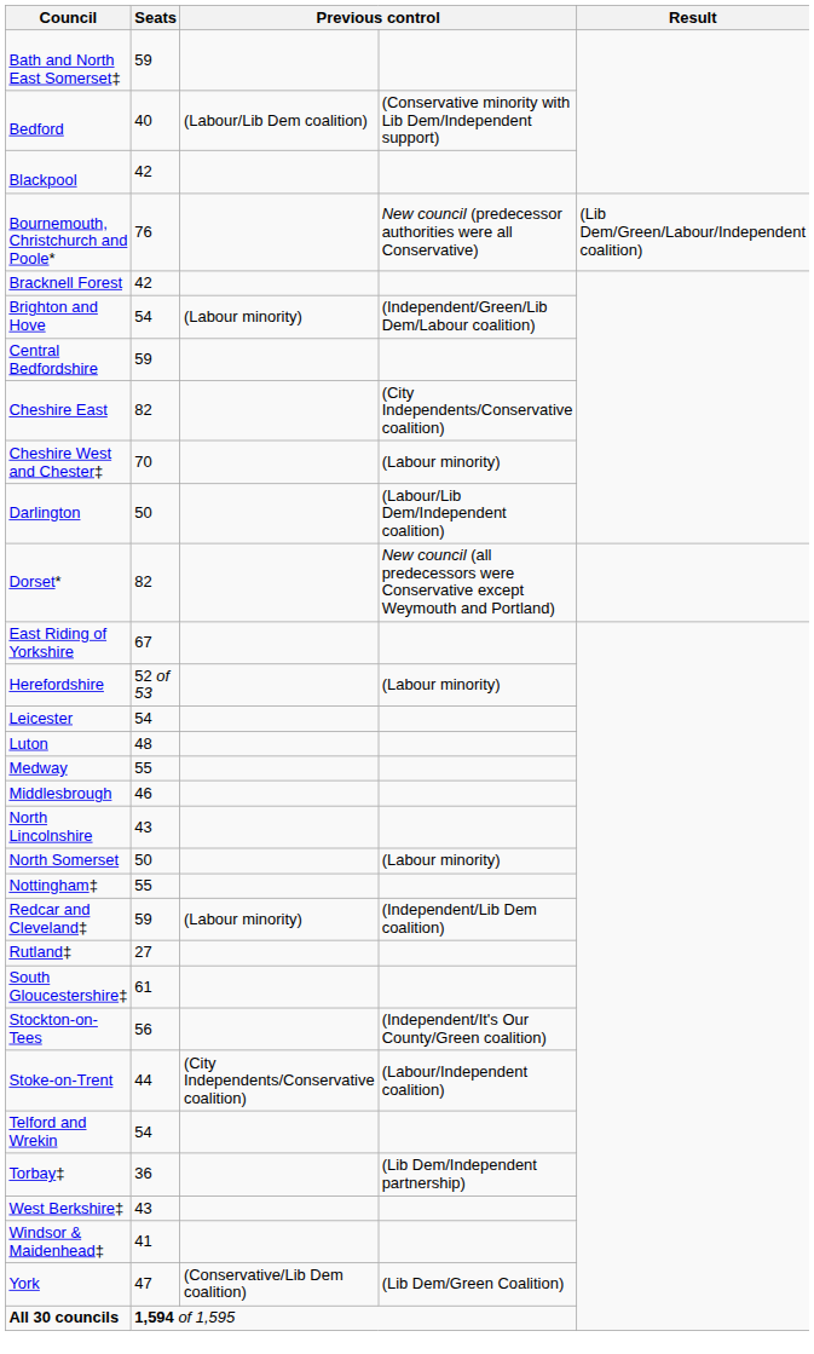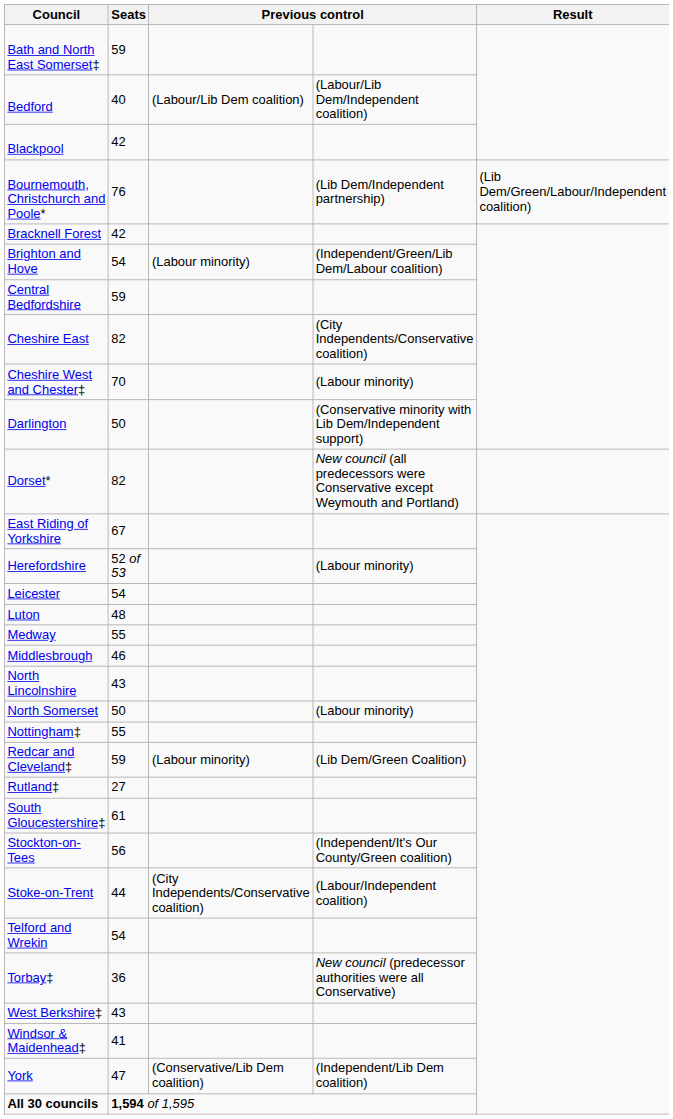 <table class="wikitable sortable" style="valign:top">
 <tr>
 <th>Council</th>
 <th>Seats</th>
 <th colspan=2>Previous control</th>
 <th colspan=2>Result</th>
 </tr>
 <tr>
 <td><br><a href='#'>Bath and North East Somerset</a>‡</td>
 <td>59</td>
 <td></td>
 <td></td>
 </tr>
 <tr>
 <td><br><a href='#'>Bedford</a></td>
 <td>40</td>
 <td> (Labour/Lib Dem coalition)</td>
-<td> (Conservative minority with Lib Dem/Independent support)</td>
+<td> (Labour/Lib Dem/Independent coalition)</td>
 </tr>
 <tr>
 <td><br><a href='#'>Blackpool</a></td>
 <td>42</td>
 <td></td>
 <td></td>
 </tr>
 <tr>
 <td><br><a href='#'>Bournemouth, Christchurch and Poole</a>*</td>
 <td>76</td>
 <td></td>
-<td><em>New council</em> (predecessor authorities were all Conservative)</td>
+<td> (Lib Dem/Independent partnership)</td>
 <td> (Lib Dem/Green/Labour/Independent coalition)</td>
 </tr>
 <tr>
 <td><a href='#'>Bracknell Forest</a></td>
 <td>42</td>
 <td></td>
 <td></td>
 </tr>
 <tr>
 <td><a href='#'>Brighton and Hove</a></td>
 <td>54</td>
 <td> (Labour minority)</td>
 <td> (Independent/Green/Lib Dem/Labour coalition)</td>
 </tr>
 <tr>
 <td><a href='#'>Central Bedfordshire</a></td>
 <td>59</td>
 <td></td>
 <td></td>
 </tr>
 <tr>
 <td><a href='#'>Cheshire East</a></td>
 <td>82</td>
 <td></td>
 <td> (City Independents/Conservative coalition)</td>
 </tr>
 <tr>
 <td><a href='#'>Cheshire West and Chester</a>‡</td>
 <td>70</td>
 <td></td>
 <td> (Labour minority)</td>
 </tr>
 <tr>
 <td><a href='#'>Darlington</a></td>
 <td>50</td>
 <td></td>
-<td> (Labour/Lib Dem/Independent coalition)</td>
+<td> (Conservative minority with Lib Dem/Independent support)</td>
 </tr>
 <tr>
 <td><a href='#'>Dorset</a>*</td>
 <td>82</td>
 <td></td>
 <td><em>New council</em> (all predecessors were Conservative except Weymouth and Portland)</td>
 <td></td>
 </tr>
 <tr>
 <td><a href='#'>East Riding of Yorkshire</a></td>
 <td>67</td>
 <td></td>
 <td></td>
 </tr>
 <tr>
 <td><a href='#'>Herefordshire</a></td>
 <td>52 <em>of 53</em></td>
 <td></td>
 <td> (Labour minority)</td>
 </tr>
 <tr>
 <td><a href='#'>Leicester</a></td>
 <td>54</td>
 <td></td>
 <td></td>
 </tr>
 <tr>
 <td><a href='#'>Luton</a></td>
 <td>48</td>
 <td></td>
 <td></td>
 </tr>
 <tr>
 <td><a href='#'>Medway</a></td>
 <td>55</td>
 <td></td>
 <td></td>
 </tr>
 <tr>
 <td><a href='#'>Middlesbrough</a></td>
 <td>46</td>
 <td></td>
 <td></td>
 </tr>
 <tr>
 <td><a href='#'>North Lincolnshire</a></td>
 <td>43</td>
 <td></td>
 <td></td>
 </tr>
 <tr>
 <td><a href='#'>North Somerset</a></td>
 <td>50</td>
 <td></td>
 <td> (Labour minority)</td>
 </tr>
 <tr>
 <td><a href='#'>Nottingham</a>‡</td>
 <td>55</td>
 <td></td>
 <td></td>
 </tr>
 <tr>
 <td><a href='#'>Redcar and Cleveland</a>‡</td>
 <td>59</td>
 <td> (Labour minority)</td>
-<td> (Independent/Lib Dem coalition)</td>
+<td> (Lib Dem/Green Coalition)</td>
 </tr>
 <tr>
 <td><a href='#'>Rutland</a>‡</td>
 <td>27</td>
 <td></td>
 <td></td>
 </tr>
 <tr>
 <td><a href='#'>South Gloucestershire</a>‡</td>
 <td>61</td>
 <td></td>
 <td></td>
 </tr>
 <tr>
 <td><a href='#'>Stockton-on-Tees</a></td>
 <td>56</td>
 <td></td>
 <td> (Independent/It's Our County/Green coalition)</td>
 </tr>
 <tr>
 <td><a href='#'>Stoke-on-Trent</a></td>
 <td>44</td>
 <td> (City Independents/Conservative coalition)</td>
 <td> (Labour/Independent coalition)</td>
 </tr>
 <tr>
 <td><a href='#'>Telford and Wrekin</a></td>
 <td>54</td>
 <td></td>
 <td></td>
 </tr>
 <tr>
 <td><a href='#'>Torbay</a>‡</td>
 <td>36</td>
 <td></td>
-<td> (Lib Dem/Independent partnership)</td>
+<td><em>New council</em> (predecessor authorities were all Conservative)</td>
 </tr>
 <tr>
 <td><a href='#'>West Berkshire</a>‡</td>
 <td>43</td>
 <td></td>
 <td></td>
 </tr>
 <tr>
 <td><a href='#'>Windsor & Maidenhead</a>‡</td>
 <td>41</td>
 <td></td>
 <td></td>
 </tr>
 <tr>
 <td><a href='#'>York</a></td>
 <td>47</td>
 <td> (Conservative/Lib Dem coalition)</td>
-<td> (Lib Dem/Green Coalition)</td>
+<td> (Independent/Lib Dem coalition)</td>
 </tr>
 <tr>
 <td><strong>All 30 councils</strong></td>
 <td colspan="3"><strong>1,594</strong> <em>of 1,595</em></td>
 </tr>
 </table>
